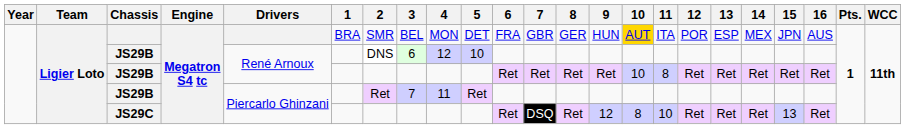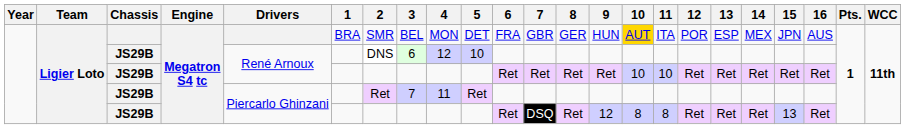 <table class="wikitable" style="text-align:center; font-size:90%">
 <tr>
 <th>Year</th>
 <th>Team</th>
 <th>Chassis</th>
 <th>Engine</th>
 <th>Drivers</th>
 <th>1</th>
 <th>2</th>
 <th>3</th>
 <th>4</th>
 <th>5</th>
 <th>6</th>
 <th>7</th>
 <th>8</th>
 <th>9</th>
 <th>10</th>
 <th>11</th>
 <th>12</th>
 <th>13</th>
 <th>14</th>
 <th>15</th>
 <th>16</th>
 <th>Pts.</th>
 <th>WCC</th>
 </tr>
 <tr>
 <td rowspan="5"></td>
 <th rowspan="5"><a href='#'>Ligier</a> Loto</th>
 <th></th>
 <th rowspan="5"><a href='#'>Megatron</a><br><a href='#'>S4</a> <a href='#'>tc</a></th>
 <th></th>
 <td><a href='#'>BRA</a></td>
 <td><a href='#'>SMR</a></td>
 <td><a href='#'>BEL</a></td>
 <td><a href='#'>MON</a></td>
 <td><a href='#'>DET</a></td>
 <td><a href='#'>FRA</a></td>
 <td><a href='#'>GBR</a></td>
 <td><a href='#'>GER</a></td>
 <td><a href='#'>HUN</a></td>
 <td style="background: gold;"><a href='#'>AUT</a></td>
 <td><a href='#'>ITA</a></td>
 <td><a href='#'>POR</a></td>
 <td><a href='#'>ESP</a></td>
 <td><a href='#'>MEX</a></td>
 <td><a href='#'>JPN</a></td>
 <td><a href='#'>AUS</a></td>
 <td rowspan="5"><strong>1</strong></td>
 <td rowspan="5"><strong>11th</strong></td>
 </tr>
 <tr>
 <th>JS29B</th>
 <td rowspan="2"> <a href='#'>René Arnoux</a></td>
 <td></td>
 <td style="background:#ffffff;">DNS</td>
 <td style="background:#dfffdf;">6</td>
 <td style="background:#cfcfff;">12</td>
 <td style="background:#cfcfff;">10</td>
 <td></td>
 <td></td>
 <td></td>
 <td></td>
 <td></td>
 <td></td>
 <td></td>
 <td></td>
 <td></td>
 <td></td>
 <td></td>
 </tr>
 <tr>
 <th>JS29B</th>
 <td></td>
 <td></td>
 <td></td>
 <td></td>
 <td></td>
 <td style="background:#efcfff;">Ret</td>
 <td style="background:#efcfff;">Ret</td>
 <td style="background:#efcfff;">Ret</td>
 <td style="background:#efcfff;">Ret</td>
 <td style="background:#cfcfff;">10</td>
-<td style="background:#cfcfff;">8</td>
+<td style="background:#cfcfff;">10</td>
 <td style="background:#efcfff;">Ret</td>
 <td style="background:#efcfff;">Ret</td>
 <td style="background:#efcfff;">Ret</td>
 <td style="background:#efcfff;">Ret</td>
 <td style="background:#efcfff;">Ret</td>
 </tr>
 <tr>
 <th>JS29B</th>
 <td rowspan="2"> <a href='#'>Piercarlo Ghinzani</a></td>
 <td></td>
 <td style="background:#efcfff;">Ret</td>
 <td style="background:#cfcfff;">7</td>
 <td style="background:#cfcfff;">11</td>
 <td style="background:#efcfff;">Ret</td>
 <td></td>
 <td></td>
 <td></td>
 <td></td>
 <td></td>
 <td></td>
 <td></td>
 <td></td>
 <td></td>
 <td></td>
 <td></td>
 </tr>
 <tr>
-<th>JS29C</th>
+<th>JS29B</th>
 <td></td>
 <td></td>
 <td></td>
 <td></td>
 <td></td>
 <td style="background:#efcfff;">Ret</td>
 <td style="background:#000000; color:white">DSQ</td>
 <td style="background:#efcfff;">Ret</td>
 <td style="background:#cfcfff;">12</td>
 <td style="background:#cfcfff;">8</td>
-<td style="background:#cfcfff;">10</td>
+<td style="background:#cfcfff;">8</td>
 <td style="background:#efcfff;">Ret</td>
 <td style="background:#efcfff;">Ret</td>
 <td style="background:#efcfff;">Ret</td>
 <td style="background:#cfcfff;">13</td>
 <td style="background:#efcfff;">Ret</td>
 </tr>
 </table>
